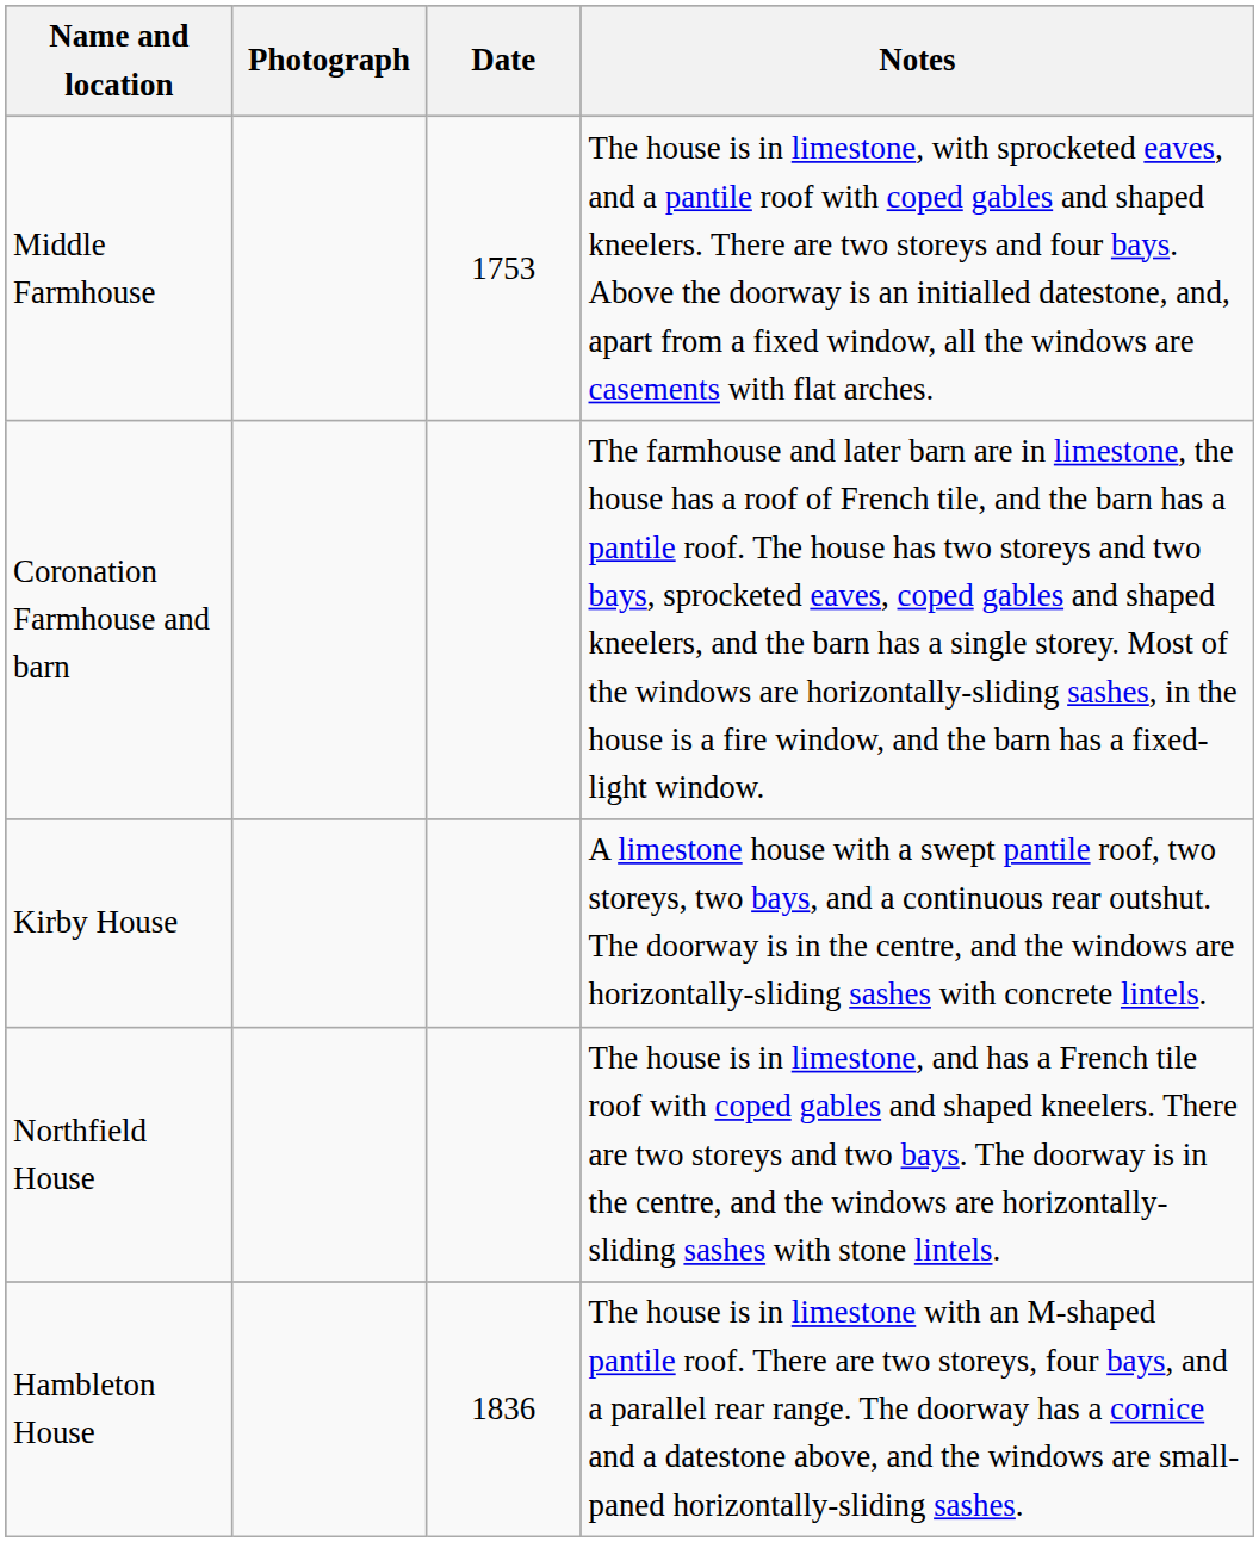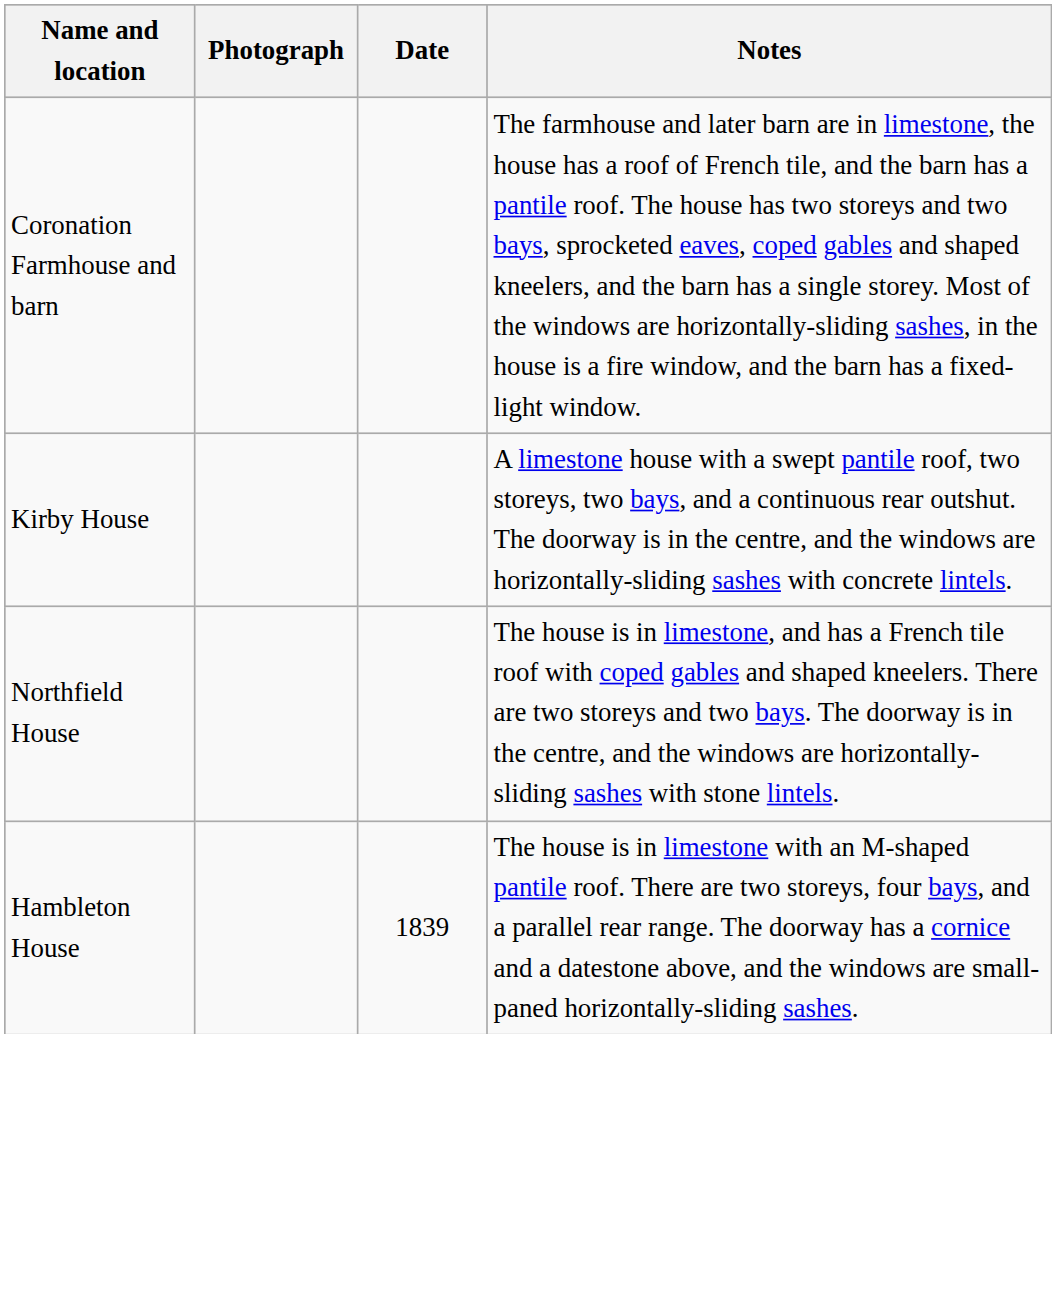 <table class="wikitable sortable plainrowheaders" style="width:100%;border:0px;text-align:left;line-height:150%;">
 <tr>
 <th scope="col"  style="width:150px">Name and location</th>
 <th scope="col"  style="width:100px" class="unsortable">Photograph</th>
 <th scope="col"  style="width:120px">Date</th>
 <th scope="col"  style="width:650px" class="unsortable">Notes</th>
-</tr>
-<tr>
-<td>Middle Farmhouse<br><small></small></td>
-<td></td>
-<td align="center">1753</td>
-<td>The house is in <a href='#'>limestone</a>, with sprocketed <a href='#'>eaves</a>, and a <a href='#'>pantile</a> roof with <a href='#'>coped</a> <a href='#'>gables</a> and shaped kneelers.  There are two storeys and four <a href='#'>bays</a>.  Above the doorway is an initialled datestone, and, apart from a fixed window, all the windows are <a href='#'>casements</a> with flat arches.</td>
 </tr>
 <tr>
 <td>Coronation Farmhouse and barn<br><small></small></td>
 <td></td>
 <td align="center"></td>
 <td>The farmhouse and later barn are in <a href='#'>limestone</a>, the house has a roof of French tile, and the barn has a <a href='#'>pantile</a> roof.  The house has two storeys and two <a href='#'>bays</a>, sprocketed <a href='#'>eaves</a>, <a href='#'>coped</a> <a href='#'>gables</a> and shaped kneelers, and the barn has a single storey. Most of the windows are horizontally-sliding <a href='#'>sashes</a>, in the house is a fire window, and the barn has a fixed-light window.</td>
 </tr>
 <tr>
 <td>Kirby House<br><small></small></td>
 <td></td>
 <td align="center"></td>
 <td>A <a href='#'>limestone</a> house with a swept <a href='#'>pantile</a> roof, two storeys, two <a href='#'>bays</a>, and a continuous rear outshut.  The doorway is in the centre, and the windows are horizontally-sliding <a href='#'>sashes</a> with concrete <a href='#'>lintels</a>.</td>
 </tr>
 <tr>
 <td>Northfield House<br><small></small></td>
 <td></td>
 <td align="center"></td>
 <td>The house is in <a href='#'>limestone</a>, and has a French tile roof with <a href='#'>coped</a> <a href='#'>gables</a> and shaped kneelers.  There are two storeys and two <a href='#'>bays</a>.  The doorway is in the centre, and the windows are horizontally-sliding <a href='#'>sashes</a> with stone <a href='#'>lintels</a>.</td>
 </tr>
 <tr>
 <td>Hambleton House<br><small></small></td>
 <td></td>
-<td align="center">1836</td>
+<td align="center">1839</td>
 <td>The house is in  <a href='#'>limestone</a> with an M-shaped <a href='#'>pantile</a> roof.  There are two storeys, four <a href='#'>bays</a>, and a parallel rear range.  The doorway has a <a href='#'>cornice</a> and a datestone above, and the windows are small-paned horizontally-sliding <a href='#'>sashes</a>.</td>
 </tr>
 <tr>
 </tr>
 </table>
